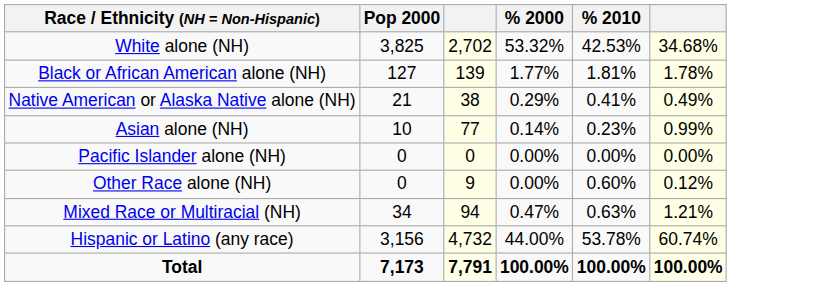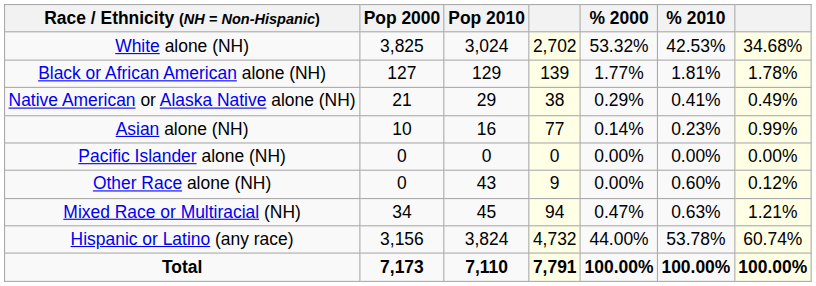 <table class="wikitable" style="text-align:center;">
 <tr>
 <th>Race / Ethnicity <small>(<em>NH = Non-Hispanic</em>)</small></th>
 <th>Pop 2000</th>
+<th>Pop 2010</th>
 <th></th>
 <th>% 2000</th>
 <th>% 2010</th>
 <th></th>
 </tr>
 <tr>
 <td><a href='#'>White</a> alone (NH)</td>
 <td>3,825</td>
+<td>3,024</td>
 <td style='background: #ffffe6;'>2,702</td>
 <td>53.32%</td>
 <td>42.53%</td>
 <td style='background: #ffffe6;'>34.68%</td>
 </tr>
 <tr>
 <td><a href='#'>Black or African American</a> alone (NH)</td>
 <td>127</td>
+<td>129</td>
 <td style='background: #ffffe6;'>139</td>
 <td>1.77%</td>
 <td>1.81%</td>
 <td style='background: #ffffe6;'>1.78%</td>
 </tr>
 <tr>
 <td><a href='#'>Native American</a> or <a href='#'>Alaska Native</a> alone (NH)</td>
 <td>21</td>
+<td>29</td>
 <td style='background: #ffffe6;'>38</td>
 <td>0.29%</td>
 <td>0.41%</td>
 <td style='background: #ffffe6;'>0.49%</td>
 </tr>
 <tr>
 <td><a href='#'>Asian</a> alone (NH)</td>
 <td>10</td>
+<td>16</td>
 <td style='background: #ffffe6;'>77</td>
 <td>0.14%</td>
 <td>0.23%</td>
 <td style='background: #ffffe6;'>0.99%</td>
 </tr>
 <tr>
 <td><a href='#'>Pacific Islander</a> alone (NH)</td>
+<td>0</td>
 <td>0</td>
 <td style='background: #ffffe6;'>0</td>
 <td>0.00%</td>
 <td>0.00%</td>
 <td style='background: #ffffe6;'>0.00%</td>
 </tr>
 <tr>
 <td><a href='#'>Other Race</a> alone (NH)</td>
 <td>0</td>
+<td>43</td>
 <td style='background: #ffffe6;'>9</td>
 <td>0.00%</td>
 <td>0.60%</td>
 <td style='background: #ffffe6;'>0.12%</td>
 </tr>
 <tr>
 <td><a href='#'>Mixed Race or Multiracial</a> (NH)</td>
 <td>34</td>
+<td>45</td>
 <td style='background: #ffffe6;'>94</td>
 <td>0.47%</td>
 <td>0.63%</td>
 <td style='background: #ffffe6;'>1.21%</td>
 </tr>
 <tr>
 <td><a href='#'>Hispanic or Latino</a> (any race)</td>
 <td>3,156</td>
+<td>3,824</td>
 <td style='background: #ffffe6;'>4,732</td>
 <td>44.00%</td>
 <td>53.78%</td>
 <td style='background: #ffffe6;'>60.74%</td>
 </tr>
 <tr>
 <td><strong>Total</strong></td>
 <td><strong>7,173</strong></td>
+<td><strong>7,110</strong></td>
 <td style='background: #ffffe6;'><strong>7,791</strong></td>
 <td><strong>100.00%</strong></td>
 <td><strong>100.00%</strong></td>
 <td style='background: #ffffe6;'><strong>100.00%</strong></td>
 </tr>
 </table>
